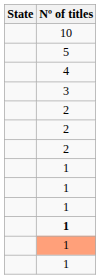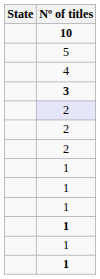 <table class="sortable wikitable">
 <tr>
 <th>State</th>
 <th>Nº of titles</th>
 </tr>
 <tr>
 <td></td>
-<td align=center>10</td>
+<td align=center><strong>10</strong></td>
 </tr>
 <tr>
 <td></td>
 <td align=center>5</td>
 </tr>
 <tr>
 <td></td>
 <td align=center>4</td>
 </tr>
 <tr>
 <td></td>
-<td align=center>3</td>
+<td align=center><strong>3</strong></td>
 </tr>
 <tr>
 <td></td>
-<td align=center>2</td>
+<td align=center style="background: lavender;">2</td>
 </tr>
 <tr>
 <td></td>
 <td align=center>2</td>
 </tr>
 <tr>
 <td></td>
 <td align=center>2</td>
 </tr>
 <tr>
 <td></td>
 <td align=center>1</td>
 </tr>
 <tr>
 <td></td>
 <td align=center>1</td>
 </tr>
 <tr>
 <td></td>
 <td align=center>1</td>
 </tr>
 <tr>
 <td></td>
 <td align=center><strong>1</strong></td>
 </tr>
 <tr>
 <td></td>
-<td align=center style="background: lightsalmon;">1</td>
+<td align=center>1</td>
 </tr>
 <tr>
 <td></td>
-<td align=center>1</td>
+<td align=center><strong>1</strong></td>
 </tr>
 </table>
